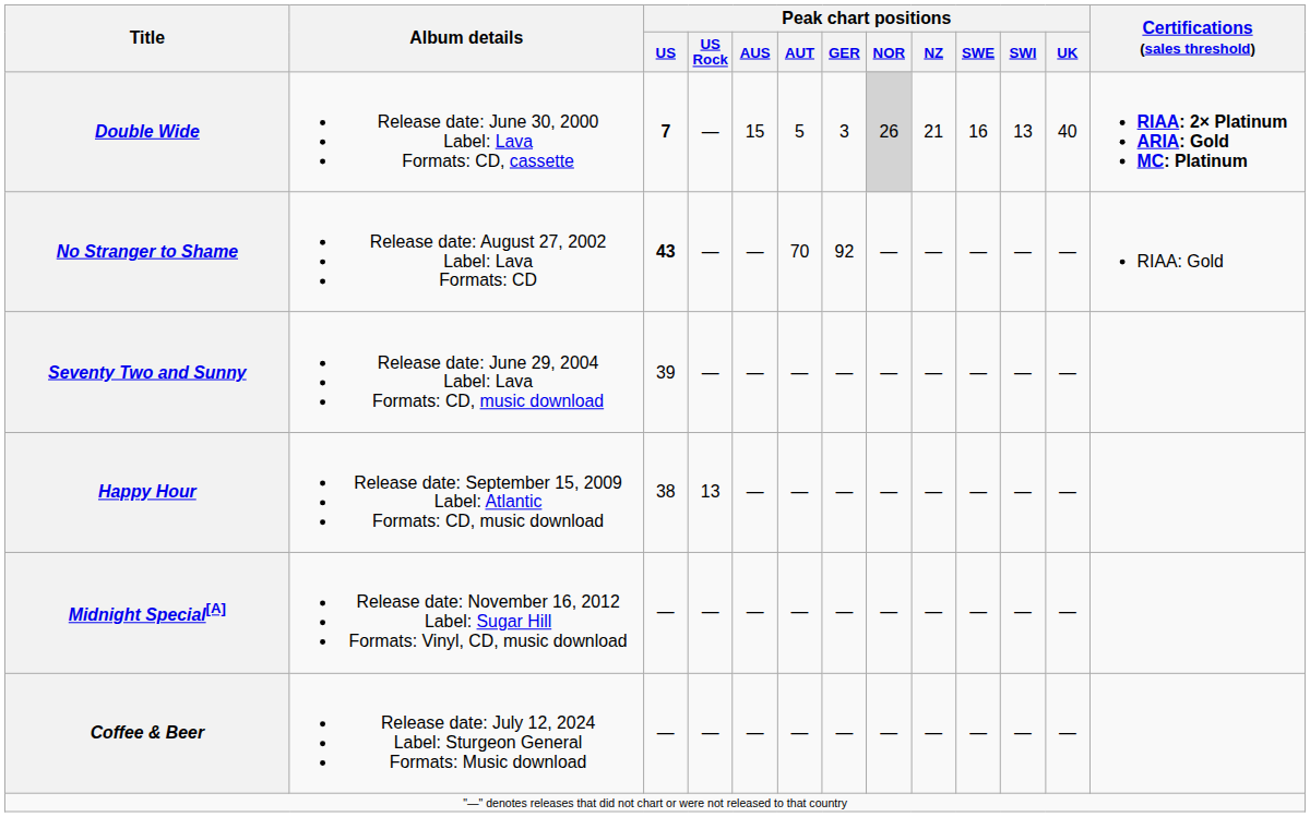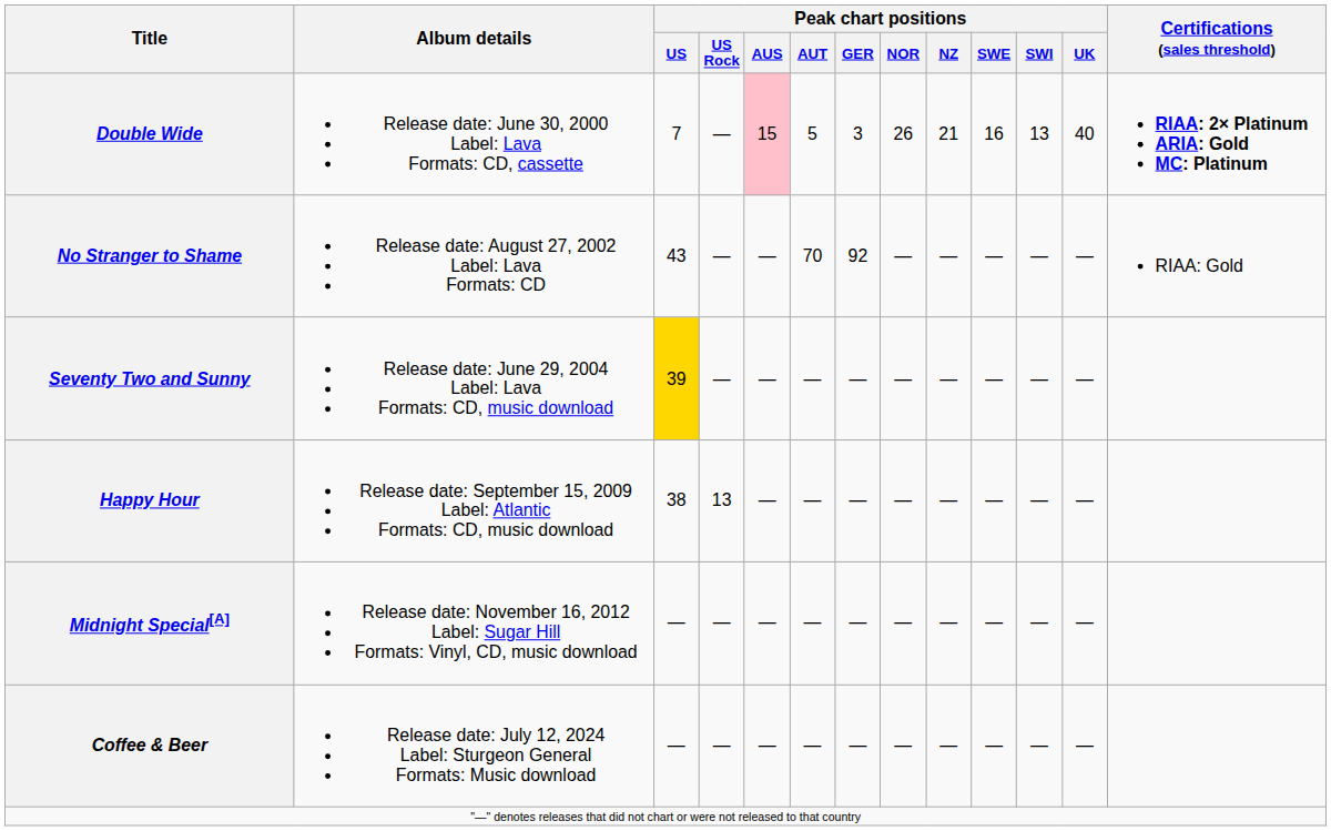 <table class="wikitable plainrowheaders" style="text-align:center;">
 <tr>
 <th rowspan="2" style="width:16em;">Title</th>
 <th rowspan="2" style="width:20em;">Album details</th>
 <th colspan="10">Peak chart positions</th>
 <th rowspan="2" style="width:12em;"><a href='#'>Certifications</a><br><small>(<a href='#'>sales threshold</a>)</small></th>
 </tr>
 <tr style="font-size:smaller;">
 <th style="width:35px;"><a href='#'>US</a><br></th>
 <th style="width:35px;"><a href='#'>US Rock</a><br></th>
 <th style="width:35px;"><a href='#'>AUS</a><br></th>
 <th style="width:35px;"><a href='#'>AUT</a><br></th>
 <th style="width:35px;"><a href='#'>GER</a><br></th>
 <th style="width:35px;"><a href='#'>NOR</a><br></th>
 <th style="width:35px;"><a href='#'>NZ</a><br></th>
 <th style="width:35px;"><a href='#'>SWE</a><br></th>
 <th style="width:35px;"><a href='#'>SWI</a><br></th>
 <th style="width:35px;"><a href='#'>UK</a><br></th>
 </tr>
 <tr>
 <th scope="row"><em><a href='#'>Double Wide</a></em></th>
 <td><br><ul><li>Release date: June 30, 2000</li><li>Label: <a href='#'>Lava</a></li><li>Formats: CD, <a href='#'>cassette</a></li></ul></td>
-<td><strong>7</strong></td>
+<td>7</td>
 <td>—</td>
-<td>15</td>
+<td style="background: pink;">15</td>
 <td>5</td>
 <td>3</td>
-<td style="background: lightgrey;">26</td>
+<td>26</td>
 <td>21</td>
 <td>16</td>
 <td>13</td>
 <td>40</td>
 <td style="text-align:left;"><strong><br><ul><li><a href='#'>RIAA</a>: 2× Platinum</li><li><a href='#'>ARIA</a>: Gold</li><li><a href='#'>MC</a>: Platinum</li></ul></strong></td>
 </tr>
 <tr>
 <th scope="row"><em><a href='#'>No Stranger to Shame</a></em></th>
 <td><br><ul><li>Release date: August 27, 2002</li><li>Label: Lava</li><li>Formats: CD</li></ul></td>
-<td><strong>43</strong></td>
+<td>43</td>
 <td>—</td>
 <td>—</td>
 <td>70</td>
 <td>92</td>
 <td>—</td>
 <td>—</td>
 <td>—</td>
 <td>—</td>
 <td>—</td>
 <td style="text-align:left;"><br><ul><li>RIAA: Gold</li></ul></td>
 </tr>
 <tr>
 <th scope="row"><em><a href='#'>Seventy Two and Sunny</a></em></th>
 <td><br><ul><li>Release date: June 29, 2004</li><li>Label: Lava</li><li>Formats: CD, <a href='#'>music download</a></li></ul></td>
-<td>39</td>
+<td style="background: gold;">39</td>
 <td>—</td>
 <td>—</td>
 <td>—</td>
 <td>—</td>
 <td>—</td>
 <td>—</td>
 <td>—</td>
 <td>—</td>
 <td>—</td>
 <td></td>
 </tr>
 <tr>
 <th scope="row"><em><a href='#'>Happy Hour</a></em></th>
 <td><br><ul><li>Release date: September 15, 2009</li><li>Label: <a href='#'>Atlantic</a></li><li>Formats: CD, music download</li></ul></td>
 <td>38</td>
 <td>13</td>
 <td>—</td>
 <td>—</td>
 <td>—</td>
 <td>—</td>
 <td>—</td>
 <td>—</td>
 <td>—</td>
 <td>—</td>
 <td></td>
 </tr>
 <tr>
 <th scope="row"><em><a href='#'>Midnight Special</a></em><sup><span></span><a href='#'><strong>[A]</strong></a></sup></th>
 <td><br><ul><li>Release date: November 16, 2012</li><li>Label: <a href='#'>Sugar Hill</a></li><li>Formats: Vinyl, CD, music download</li></ul></td>
 <td>—</td>
 <td>—</td>
 <td>—</td>
 <td>—</td>
 <td>—</td>
 <td>—</td>
 <td>—</td>
 <td>—</td>
 <td>—</td>
 <td>—</td>
 <td></td>
 </tr>
 <tr>
 <th scope="row"><em>Coffee & Beer</em></th>
 <td><br><ul><li>Release date: July 12, 2024</li><li>Label: Sturgeon General</li><li>Formats: Music download</li></ul></td>
 <td>—</td>
 <td>—</td>
 <td>—</td>
 <td>—</td>
 <td>—</td>
 <td>—</td>
 <td>—</td>
 <td>—</td>
 <td>—</td>
 <td>—</td>
 <td></td>
 </tr>
 <tr>
 <td colspan="20" style="font-size:8pt">"—" denotes releases that did not chart or were not released to that country</td>
 </tr>
 </table>
